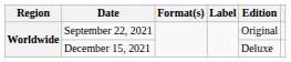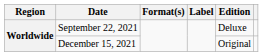 <table class="wikitable plainrowheaders">
 <tr>
 <th scope="col">Region</th>
 <th scope="col">Date</th>
 <th scope="col">Format(s)</th>
 <th scope="col">Label</th>
 <th scope="col">Edition</th>
 <th scope="col"></th>
 </tr>
 <tr>
 <th rowspan="2" scope="row">Worldwide</th>
 <td>September 22, 2021</td>
 <td rowspan="2"></td>
 <td rowspan="2"></td>
-<td>Original</td>
+<td>Deluxe</td>
 <td align="center"></td>
 </tr>
 <tr>
 <td>December 15, 2021</td>
-<td>Deluxe</td>
+<td>Original</td>
 <td align="center"></td>
 </tr>
 </table>
